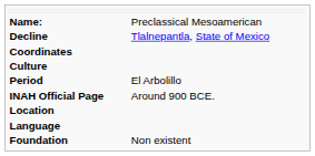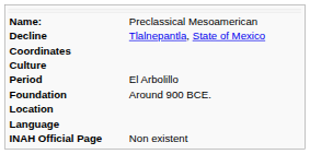 <table class="infobox" style="font-size:90%; text-align:left; width:28.5em">
 <tr>
 <td style="background:#efefef;" align="center" colspan="2"></td>
 </tr>
 <tr>
 <td style="background:#efefef;" align="center" colspan="2"></td>
 </tr>
 <tr>
 <td><strong>Name:</strong></td>
 <td>Preclassical Mesoamerican</td>
 </tr>
 <tr>
 <td><strong>Decline</strong></td>
 <td><a href='#'>Tlalnepantla</a>, <a href='#'>State of Mexico</a> <br></td>
 </tr>
 <tr>
 <td><strong>Coordinates</strong></td>
 <td></td>
 </tr>
 <tr>
 <td><strong>Culture</strong></td>
 <td></td>
 </tr>
 <tr>
 <td><strong>Period</strong></td>
 <td>El Arbolillo</td>
 </tr>
 <tr>
-<td><strong>INAH Official Page</strong></td>
+<td><strong>Foundation</strong></td>
 <td>Around 900 BCE.</td>
 </tr>
 <tr>
 <td><strong>Location</strong></td>
 <td></td>
 </tr>
 <tr>
 <td><strong>Language</strong></td>
 <td></td>
 </tr>
 <tr>
-<td><strong>Foundation</strong></td>
+<td><strong>INAH Official Page</strong></td>
 <td>Non existent</td>
 </tr>
 </table>
